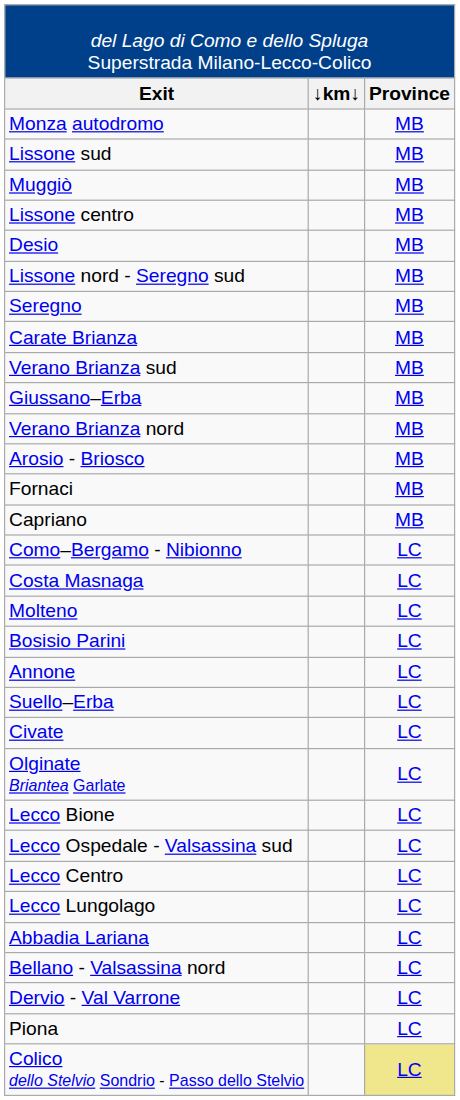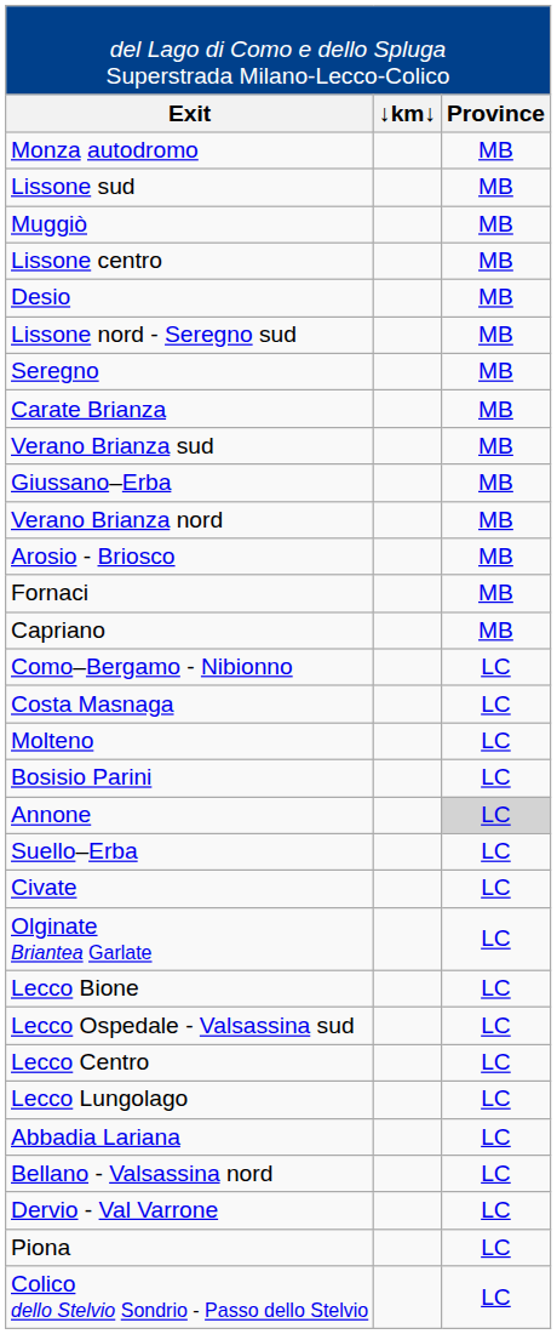 <table class="wikitable">
 <tr align="center" bgcolor="00408B" style="color: white;font-size:100%;">
 <td colspan="5"><br><em>del Lago di Como e dello Spluga</em><br>Superstrada Milano-Lecco-Colico</td>
 </tr>
 <tr>
 <th>Exit</th>
 <th>↓km↓</th>
 <th>Province</th>
 </tr>
 <tr>
 <td> <a href='#'>Monza</a> <a href='#'>autodromo</a></td>
 <td align="right"></td>
 <td align="center"><a href='#'>MB</a></td>
 </tr>
 <tr>
 <td> <a href='#'>Lissone</a> sud</td>
 <td align="right"></td>
 <td align="center"><a href='#'>MB</a></td>
 </tr>
 <tr>
 <td> <a href='#'>Muggiò</a></td>
 <td align="right"></td>
 <td align="center"><a href='#'>MB</a></td>
 </tr>
 <tr>
 <td> <a href='#'>Lissone</a> centro</td>
 <td align="right"></td>
 <td align="center"><a href='#'>MB</a></td>
 </tr>
 <tr>
 <td> <a href='#'>Desio</a></td>
 <td align="right"></td>
 <td align="center"><a href='#'>MB</a></td>
 </tr>
 <tr>
 <td> <a href='#'>Lissone</a> nord - <a href='#'>Seregno</a> sud</td>
 <td align="right"></td>
 <td align="center"><a href='#'>MB</a></td>
 </tr>
 <tr>
 <td> <a href='#'>Seregno</a></td>
 <td align="right"></td>
 <td align="center"><a href='#'>MB</a></td>
 </tr>
 <tr>
 <td> <a href='#'>Carate Brianza</a></td>
 <td align="right"></td>
 <td align="center"><a href='#'>MB</a></td>
 </tr>
 <tr>
 <td> <a href='#'>Verano Brianza</a> sud</td>
 <td align="right"></td>
 <td align="center"><a href='#'>MB</a></td>
 </tr>
 <tr>
 <td> <a href='#'>Giussano</a>–<a href='#'>Erba</a></td>
 <td align="right"></td>
 <td align="center"><a href='#'>MB</a></td>
 </tr>
 <tr>
 <td> <a href='#'>Verano Brianza</a> nord</td>
 <td align="right"></td>
 <td align="center"><a href='#'>MB</a></td>
 </tr>
 <tr>
 <td> <a href='#'>Arosio</a> - <a href='#'>Briosco</a></td>
 <td align="right"></td>
 <td align="center"><a href='#'>MB</a></td>
 </tr>
 <tr>
 <td> Fornaci</td>
 <td align="right"></td>
 <td align="center"><a href='#'>MB</a></td>
 </tr>
 <tr>
 <td> Capriano</td>
 <td align="right"></td>
 <td align="center"><a href='#'>MB</a></td>
 </tr>
 <tr>
 <td> <a href='#'>Como</a>–<a href='#'>Bergamo</a> - <a href='#'>Nibionno</a></td>
 <td align="right"></td>
 <td align="center"><a href='#'>LC</a></td>
 </tr>
 <tr>
 <td> <a href='#'>Costa Masnaga</a></td>
 <td align="right"></td>
 <td align="center"><a href='#'>LC</a></td>
 </tr>
 <tr>
 <td> <a href='#'>Molteno</a></td>
 <td align="right"></td>
 <td align="center"><a href='#'>LC</a></td>
 </tr>
 <tr>
 <td> <a href='#'>Bosisio Parini</a></td>
 <td align="right"></td>
 <td align="center"><a href='#'>LC</a></td>
 </tr>
 <tr>
 <td> <a href='#'>Annone</a></td>
 <td align="right"></td>
-<td align="center"><a href='#'>LC</a></td>
+<td align="center" style="background: lightgrey;"><a href='#'>LC</a></td>
 </tr>
 <tr>
 <td> <a href='#'>Suello</a>–<a href='#'>Erba</a></td>
 <td align="right"></td>
 <td align="center"><a href='#'>LC</a></td>
 </tr>
 <tr>
 <td> <a href='#'>Civate</a></td>
 <td align="right"></td>
 <td align="center"><a href='#'>LC</a></td>
 </tr>
 <tr>
 <td> <a href='#'>Olginate</a><br><small> <em><a href='#'>Briantea</a></em> <a href='#'>Garlate</a></small></td>
 <td align="right"></td>
 <td align="center"><a href='#'>LC</a></td>
 </tr>
 <tr>
 <td> <a href='#'>Lecco</a> Bione</td>
 <td align="right"></td>
 <td align="center"><a href='#'>LC</a></td>
 </tr>
 <tr>
 <td> <a href='#'>Lecco</a> Ospedale - <a href='#'>Valsassina</a> sud</td>
 <td align="right"></td>
 <td align="center"><a href='#'>LC</a></td>
 </tr>
 <tr>
 <td> <a href='#'>Lecco</a> Centro</td>
 <td align="right"></td>
 <td align="center"><a href='#'>LC</a></td>
 </tr>
 <tr>
 <td> <a href='#'>Lecco</a> Lungolago</td>
 <td align="right"></td>
 <td align="center"><a href='#'>LC</a></td>
 </tr>
 <tr>
 <td> <a href='#'>Abbadia Lariana</a></td>
 <td align="right"></td>
 <td align="center"><a href='#'>LC</a></td>
 </tr>
 <tr>
 <td> <a href='#'>Bellano</a> - <a href='#'>Valsassina</a> nord</td>
 <td align="right"></td>
 <td align="center"><a href='#'>LC</a></td>
 </tr>
 <tr>
 <td> <a href='#'>Dervio</a> - <a href='#'>Val Varrone</a></td>
 <td align="right"></td>
 <td align="center"><a href='#'>LC</a></td>
 </tr>
 <tr>
 <td> Piona</td>
 <td align="right"></td>
 <td align="center"><a href='#'>LC</a></td>
 </tr>
 <tr>
 <td> <a href='#'>Colico</a><br><small> <em><a href='#'>dello Stelvio</a></em> <a href='#'>Sondrio</a> - <a href='#'>Passo dello Stelvio</a></small></td>
 <td align="right"></td>
-<td align="center" style="background: khaki;"><a href='#'>LC</a></td>
+<td align="center"><a href='#'>LC</a></td>
 </tr>
 </table>
